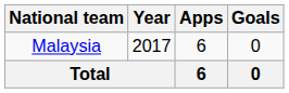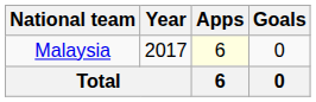 <table class="wikitable" style="text-align:center">
 <tr>
 <th>National team</th>
 <th>Year</th>
 <th>Apps</th>
 <th>Goals</th>
 </tr>
 <tr>
 <td><a href='#'>Malaysia</a></td>
 <td>2017</td>
-<td>6</td>
+<td style="background: lightyellow;">6</td>
 <td>0</td>
 </tr>
 <tr>
 <th colspan="2">Total</th>
 <th>6</th>
 <th>0</th>
 </tr>
 </table>
